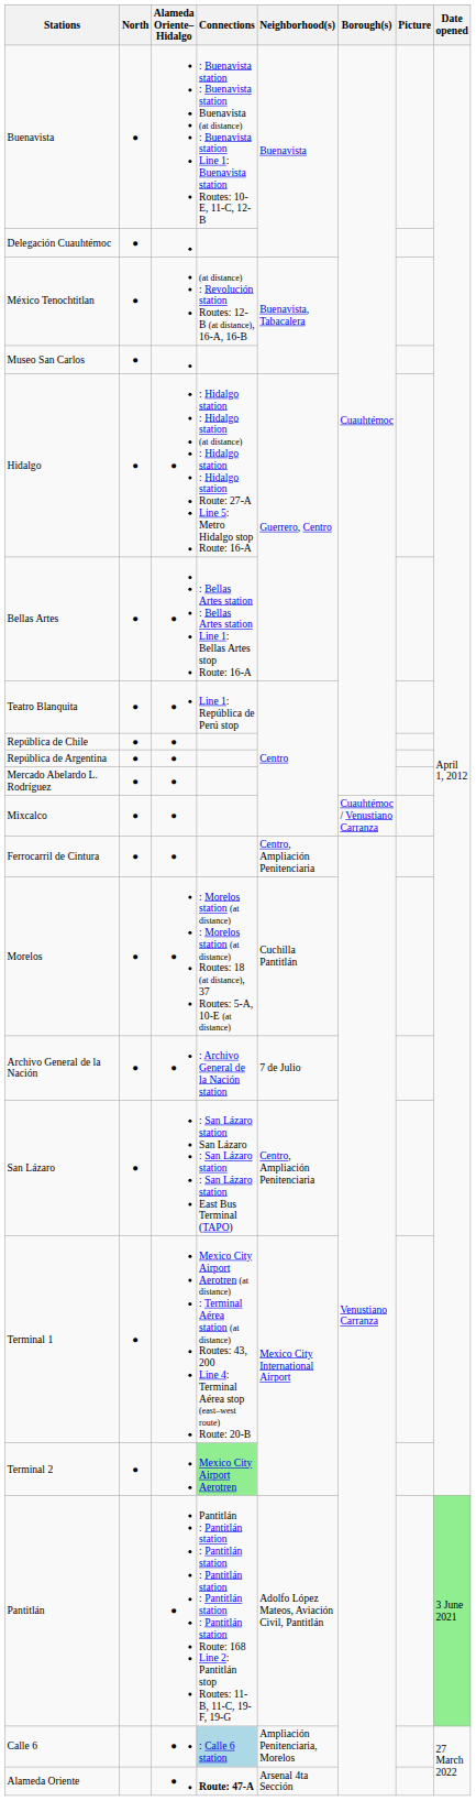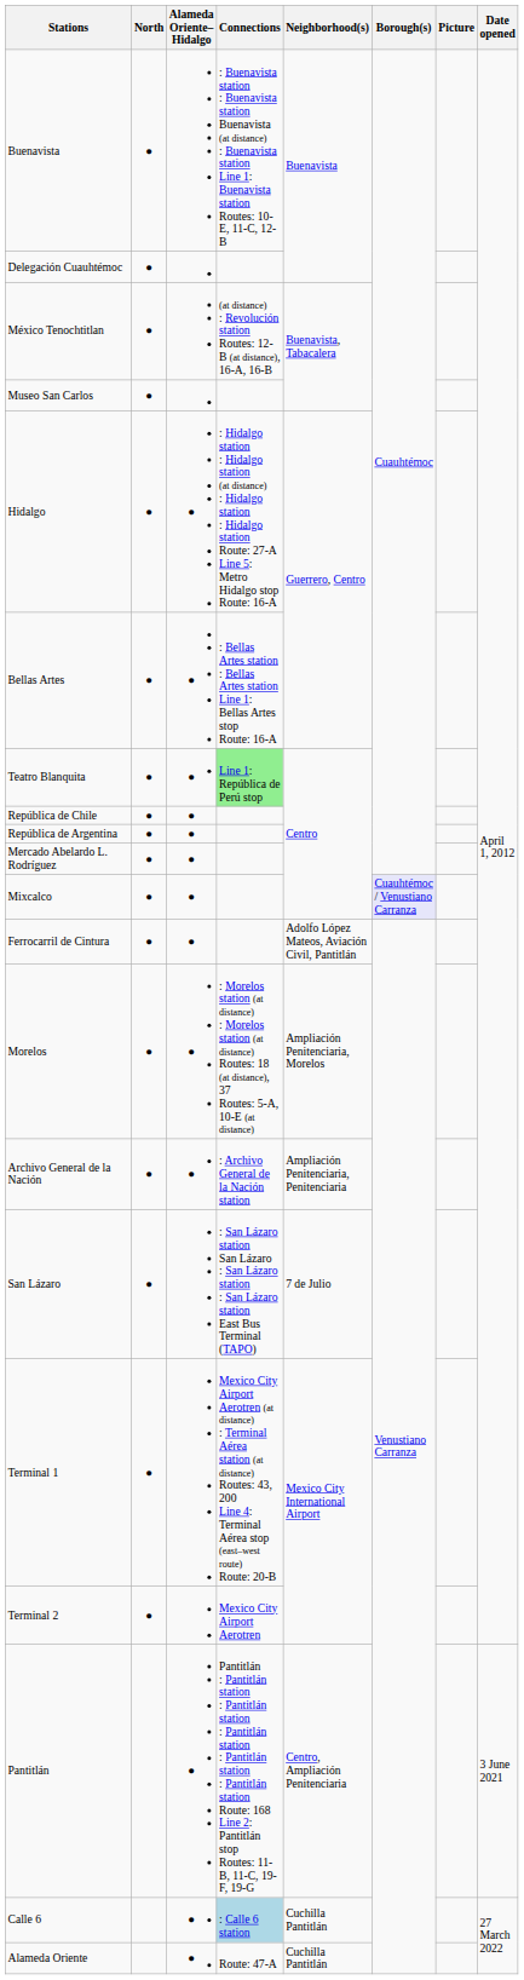 <table width="80%"  class="wikitable">
 <tr>
 <th align="center" width="30%">Stations</th>
 <th align="center">North</th>
 <th align="center">Alameda Oriente–Hidalgo</th>
 <th>Connections</th>
 <th>Neighborhood(s)</th>
 <th width="100px">Borough(s)</th>
 <th>Picture</th>
 <th>Date opened</th>
 </tr>
 <tr>
 <td> Buenavista</td>
 <td align="center">●</td>
 <td align="center"></td>
 <td><br><li> : <a href='#'>Buenavista station</a></li> <li> : <a href='#'>Buenavista station</a></li> <li> Buenavista</li> <li> <small>(at distance)</small></li> <li> : <a href='#'>Buenavista station</a></li> <li> <a href='#'>Line 1</a>: <a href='#'>Buenavista station</a></li> <li> Routes: 10-E, 11-C, 12-B</td>
 <td rowspan=2><a href='#'>Buenavista</a></td>
 <td rowspan=10><a href='#'>Cuauhtémoc</a></td>
 <td></td>
 <td rowspan=17>April 1, 2012</td>
 </tr>
 <tr>
 <td> Delegación Cuauhtémoc</td>
 <td align="center">●</td>
 <td align="center"></td>
 <td><br><li></td>
 <td></td>
 </tr>
 <tr>
 <td> México Tenochtitlan</td>
 <td align="center">●</td>
 <td align="center"></td>
 <td><br><li> <small>(at distance)</small></li> <li> : <a href='#'>Revolución station</a></li> <li> Routes: 12-B <small>(at distance)</small>, 16-A, 16-B</td>
 <td rowspan=2><a href='#'>Buenavista</a>, <a href='#'>Tabacalera</a></td>
 <td></td>
 </tr>
 <tr>
 <td> Museo San Carlos</td>
 <td align="center">●</td>
 <td align="center"></td>
 <td><br><li></td>
 <td></td>
 </tr>
 <tr>
 <td> Hidalgo</td>
 <td align="center">●</td>
 <td align="center">●</td>
 <td><br><li> : <a href='#'>Hidalgo station</a></li> <li> : <a href='#'>Hidalgo station</a></li> <li> <small>(at distance)</small></li> <li> : <a href='#'>Hidalgo station</a></li> <li> : <a href='#'>Hidalgo station</a></li> <li> Route: 27-A</li> <li> <a href='#'>Line 5</a>: Metro Hidalgo stop</li> <li> Route: 16-A</td>
 <td rowspan=2><a href='#'>Guerrero</a>, <a href='#'>Centro</a></td>
 <td></td>
 </tr>
 <tr>
 <td> Bellas Artes</td>
 <td align="center">●</td>
 <td align="center">●</td>
 <td><br><li></li> <li> : <a href='#'>Bellas Artes station</a></li> <li> : <a href='#'>Bellas Artes station</a></li> <li> <a href='#'>Line 1</a>: Bellas Artes stop</li> <li> Route: 16-A</td>
 <td></td>
 </tr>
 <tr>
 <td> Teatro Blanquita</td>
 <td align="center">●</td>
 <td align="center">●</td>
-<td><br><li> <a href='#'>Line 1</a>: República de Perú stop</td>
+<td style="background: lightgreen;"><br><li> <a href='#'>Line 1</a>: República de Perú stop</td>
 <td rowspan=5><a href='#'>Centro</a></td>
 <td></td>
 </tr>
 <tr>
 <td> República de Chile</td>
 <td align="center">●</td>
 <td align="center">●</td>
 <td></td>
 <td></td>
 </tr>
 <tr>
 <td> República de Argentina</td>
 <td align="center">●</td>
 <td align="center">●</td>
 <td></td>
 <td></td>
 </tr>
 <tr>
 <td> Mercado Abelardo L. Rodríguez</td>
 <td align="center">●</td>
 <td align="center">●</td>
 <td></td>
 <td></td>
 </tr>
 <tr>
 <td> Mixcalco</td>
 <td align="center">●</td>
 <td align="center">●</td>
 <td></td>
-<td><a href='#'>Cuauhtémoc</a> / <a href='#'>Venustiano Carranza</a></td>
+<td style="background: lavender;"><a href='#'>Cuauhtémoc</a> / <a href='#'>Venustiano Carranza</a></td>
 <td></td>
 </tr>
 <tr>
 <td> Ferrocarril de Cintura</td>
 <td align="center">●</td>
 <td align="center">●</td>
 <td></td>
-<td><a href='#'>Centro</a>, Ampliación Penitenciaria</td>
+<td>Adolfo López Mateos, Aviación Civil, Pantitlán</td>
 <td rowspan=9><a href='#'>Venustiano Carranza</a></td>
 <td></td>
 </tr>
 <tr>
 <td> Morelos</td>
 <td align="center">●</td>
 <td align="center">●</td>
 <td><br><li> : <a href='#'>Morelos station</a> <small>(at distance)</small></li> <li> : <a href='#'>Morelos station</a> <small>(at distance)</small></li> <li> Routes: 18 <small>(at distance)</small>, 37</li> <li> Routes: 5-A, 10-E <small>(at distance)</small></td>
-<td>Cuchilla Pantitlán</td>
+<td>Ampliación Penitenciaria, Morelos</td>
 <td></td>
 </tr>
 <tr>
 <td> Archivo General de la Nación</td>
 <td align="center">●</td>
 <td align="center">●</td>
 <td><br><li> : <a href='#'>Archivo General de la Nación station</a></td>
-<td>7 de Julio</td>
+<td>Ampliación Penitenciaria, Penitenciaria</td>
 <td></td>
 </tr>
 <tr>
 <td> San Lázaro</td>
 <td align="center">●</td>
 <td align="center"></td>
 <td><br><li> : <a href='#'>San Lázaro station</a></li> <li> San Lázaro</li> <li> : <a href='#'>San Lázaro station</a></li> <li> : <a href='#'>San Lázaro station</a></li> <li> East Bus Terminal (<a href='#'>TAPO</a>)</td>
-<td><a href='#'>Centro</a>, Ampliación Penitenciaria</td>
+<td>7 de Julio</td>
 <td></td>
 </tr>
 <tr>
 <td> Terminal 1</td>
 <td align="center">●</td>
 <td align="center"></td>
 <td><br><li>  <a href='#'>Mexico City Airport</a></li> <li>  <a href='#'>Aerotren</a> <small>(at distance)</small></li> <li> : <a href='#'>Terminal Aérea station</a> <small>(at distance)</small></li> <li> Routes: 43, 200</li> <li> <a href='#'>Line 4</a>: Terminal Aérea stop <small>(east–west route)</small></li> <li> Route: 20-B</td>
 <td rowspan=2><a href='#'>Mexico City International Airport</a></td>
 <td></td>
 </tr>
 <tr>
 <td> Terminal 2</td>
 <td align="center">●</td>
 <td align="center"></td>
-<td style="background: lightgreen;"><br><li>  <a href='#'>Mexico City Airport</a></li> <li>  <a href='#'>Aerotren</a></td>
+<td><br><li>  <a href='#'>Mexico City Airport</a></li> <li>  <a href='#'>Aerotren</a></td>
 <td></td>
 </tr>
 <tr>
 <td> Pantitlán</td>
 <td align="center"></td>
 <td align="center">●</td>
 <td><br><li> Pantitlán</li> <li> : <a href='#'>Pantitlán station</a></li> <li> : <a href='#'>Pantitlán station</a></li> <li> : <a href='#'>Pantitlán station</a></li> <li> : <a href='#'>Pantitlán station</a></li> <li> : <a href='#'>Pantitlán station</a></li> <li> Route: 168</li> <li> <a href='#'>Line 2</a>: Pantitlán stop</li> <li> Routes: 11-B, 11-C, 19-F, 19-G</td>
-<td>Adolfo López Mateos, Aviación Civil, Pantitlán</td>
+<td><a href='#'>Centro</a>, Ampliación Penitenciaria</td>
 <td></td>
-<td style="background: lightgreen;">3 June 2021</td>
+<td>3 June 2021</td>
 </tr>
 <tr>
 <td> Calle 6</td>
 <td align="center"></td>
 <td align="center">●</td>
 <td style="background: lightblue;"><br><li> : <a href='#'>Calle 6 station</a></td>
-<td>Ampliación Penitenciaria, Morelos</td>
+<td>Cuchilla Pantitlán</td>
 <td></td>
 <td rowspan=2>27 March 2022</td>
 </tr>
 <tr>
 <td> Alameda Oriente</td>
 <td align="center"></td>
 <td align="center">●</td>
-<td><strong><br><li> Route: 47-A</strong></td>
-<td>Arsenal 4ta Sección</td>
+<td><br><li> Route: 47-A</td>
+<td>Cuchilla Pantitlán</td>
 <td></td>
 </tr>
 </table>
